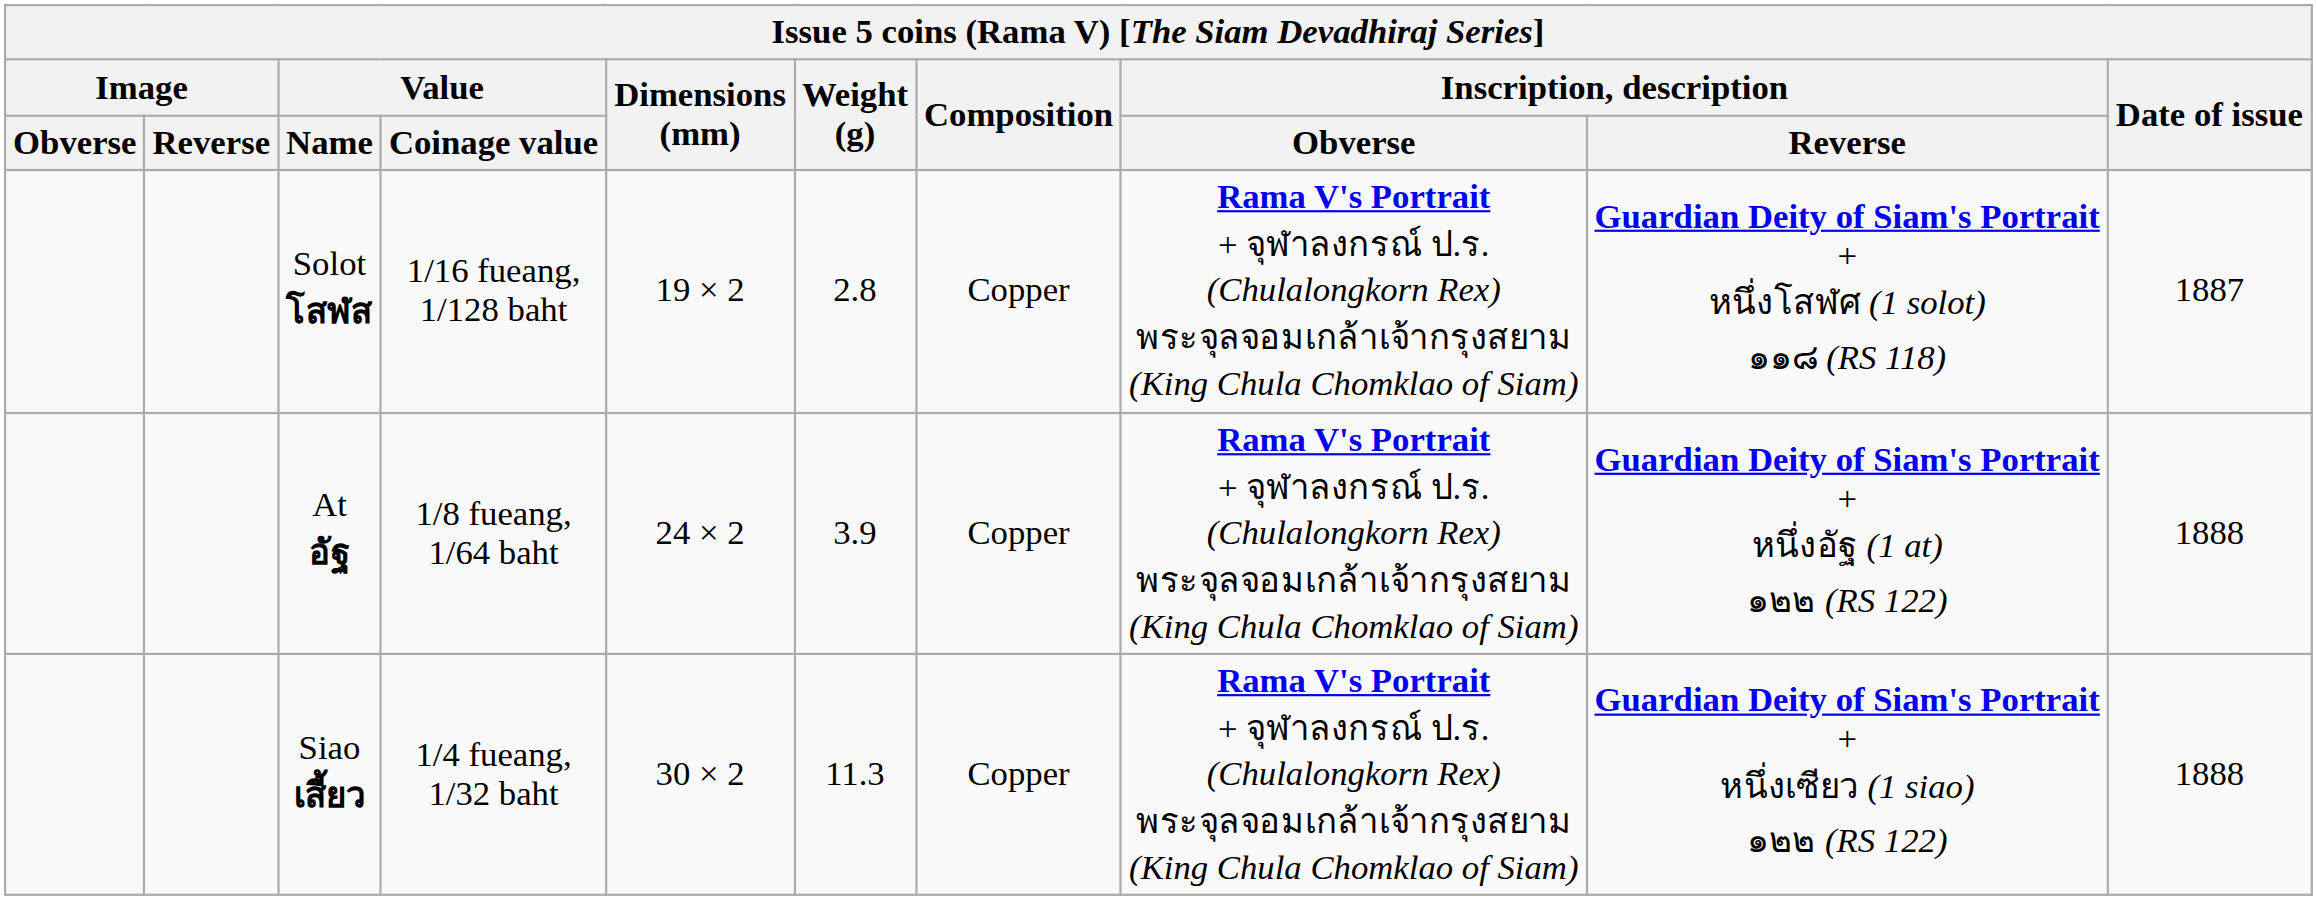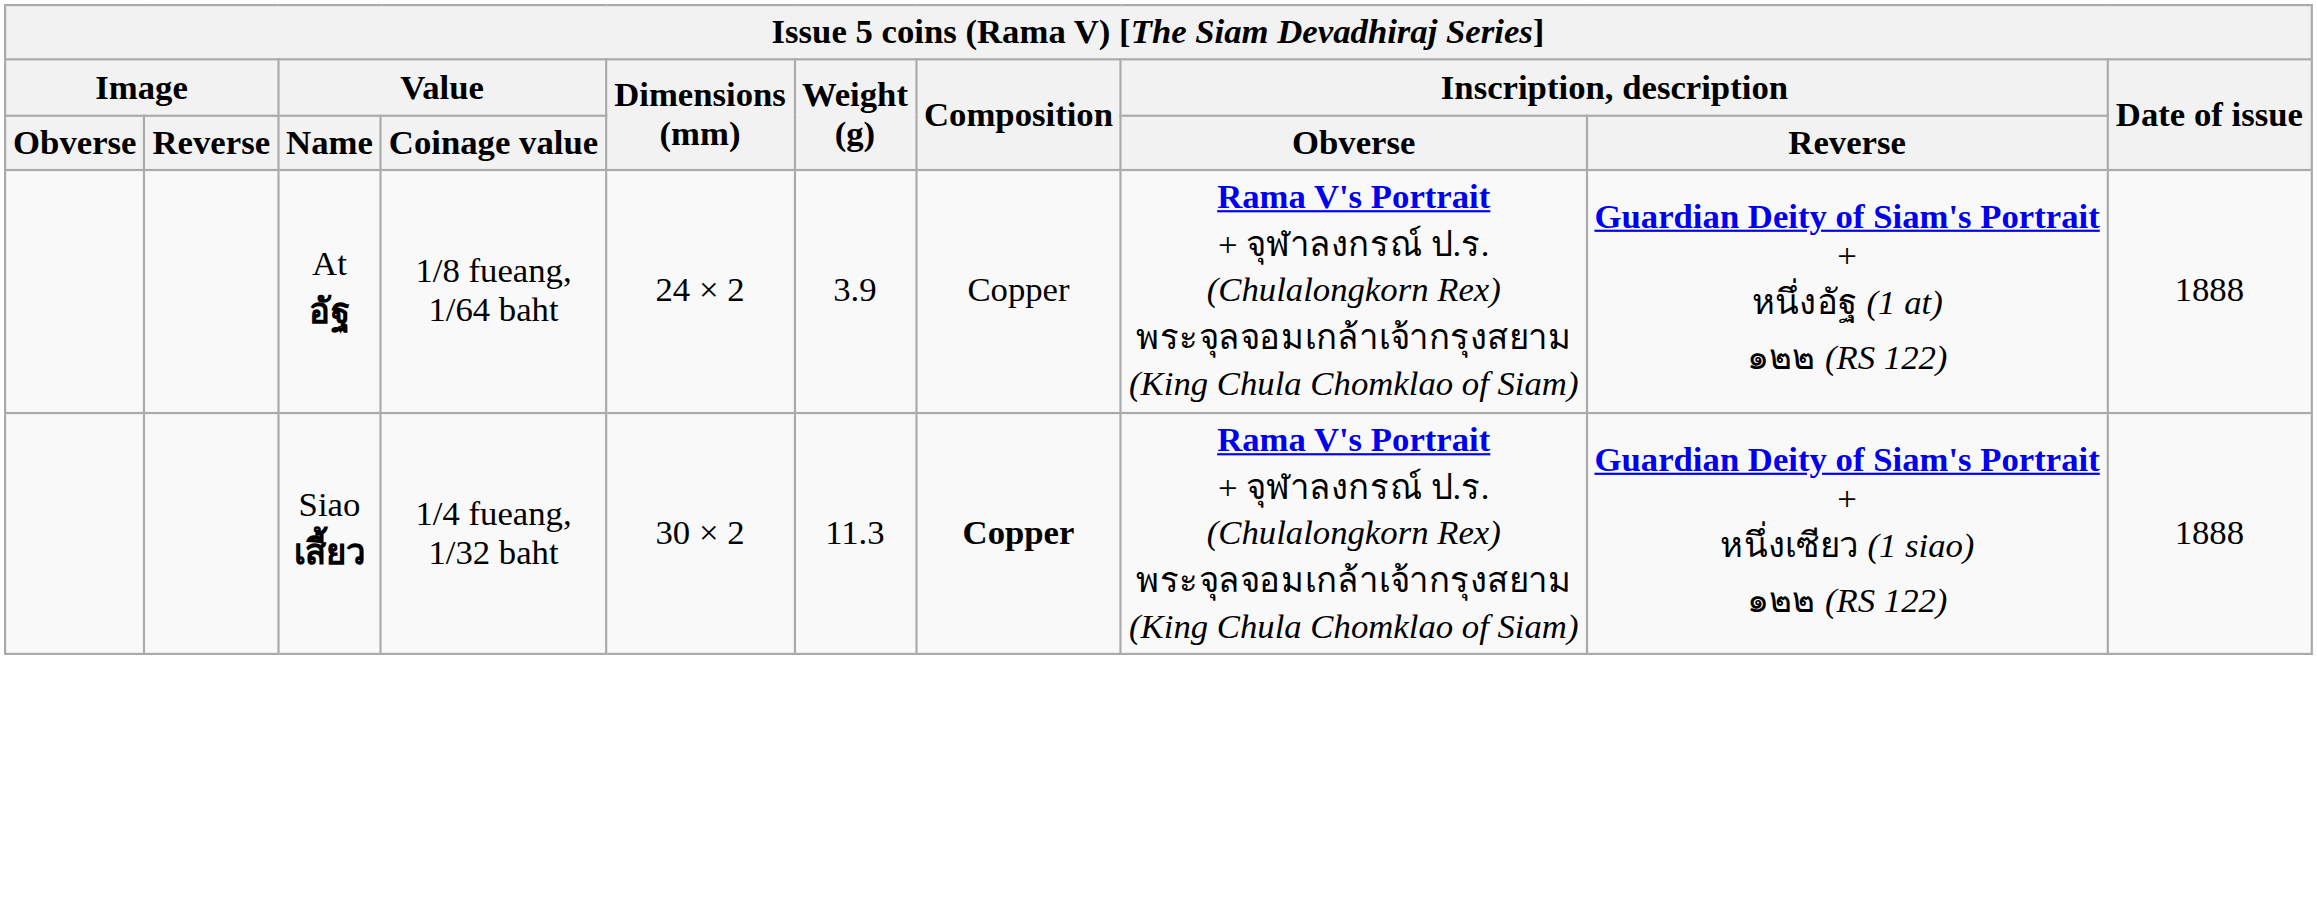 <table class="wikitable" style="text-align: center">
 <tr>
 <th colspan="10">Issue 5 coins (Rama V) [<em>The Siam Devadhiraj Series</em>]</th>
 </tr>
 <tr>
 <th colspan="2">Image</th>
 <th colspan="2">Value</th>
 <th rowspan="2">Dimensions<br>(mm)</th>
 <th rowspan="2">Weight<br>(g)</th>
 <th rowspan="2">Composition</th>
 <th colspan="2">Inscription, description</th>
 <th rowspan="2">Date of issue</th>
 </tr>
 <tr>
 <th>Obverse</th>
 <th>Reverse</th>
 <th>Name</th>
 <th>Coinage value</th>
 <th>Obverse</th>
 <th>Reverse</th>
 </tr>
 <tr>
 <td></td>
 <td></td>
-<td>Solot<br><strong>โสฬส</strong></td>
-<td>1/16 fueang,<br>1/128 baht</td>
-<td>19 × 2</td>
-<td>2.8</td>
-<td>Copper</td>
-<td><strong><a href='#'>Rama V's Portrait</a></strong><br>+ จุฬาลงกรณ์ ป.ร.<br><em>(Chulalongkorn Rex)</em><br>พระจุลจอมเกล้าเจ้ากรุงสยาม<br><em>(King Chula Chomklao of Siam)</em></td>
-<td><a href='#'><strong>Guardian Deity of Siam's Portrait</strong></a><br>+<br>หนึ่งโสฬศ <em>(1 solot)</em><br>๑๑๘ <em>(RS 118)</em></td>
-<td>1887</td>
-</tr>
-<tr>
-<td></td>
-<td></td>
 <td>At<br><strong>อัฐ</strong></td>
 <td>1/8 fueang,<br>1/64 baht</td>
 <td>24 × 2</td>
 <td>3.9</td>
 <td>Copper</td>
 <td><strong><a href='#'>Rama V's Portrait</a></strong><br>+ จุฬาลงกรณ์ ป.ร.<br><em>(Chulalongkorn Rex)</em><br>พระจุลจอมเกล้าเจ้ากรุงสยาม<br><em>(King Chula Chomklao of Siam)</em></td>
 <td><a href='#'><strong>Guardian Deity of Siam's Portrait</strong></a><br>+<br>หนึ่งอัฐ <em>(1 at)</em><br>๑๒๒ <em>(RS 122)</em></td>
 <td>1888</td>
 </tr>
 <tr>
 <td></td>
 <td></td>
 <td>Siao<br><strong>เสี้ยว</strong></td>
 <td>1/4 fueang,<br>1/32 baht</td>
 <td>30 × 2</td>
 <td>11.3</td>
-<td>Copper</td>
+<td><strong>Copper</strong></td>
 <td><strong><a href='#'>Rama V's Portrait</a></strong><br>+ จุฬาลงกรณ์ ป.ร.<br><em>(Chulalongkorn Rex)</em><br>พระจุลจอมเกล้าเจ้ากรุงสยาม<br><em>(King Chula Chomklao of Siam)</em></td>
 <td><a href='#'><strong>Guardian Deity of Siam's Portrait</strong></a><br>+<br>หนึ่งเซียว <em>(1 siao)</em><br>๑๒๒ <em>(RS 122)</em></td>
 <td>1888</td>
 </tr>
 </table>
